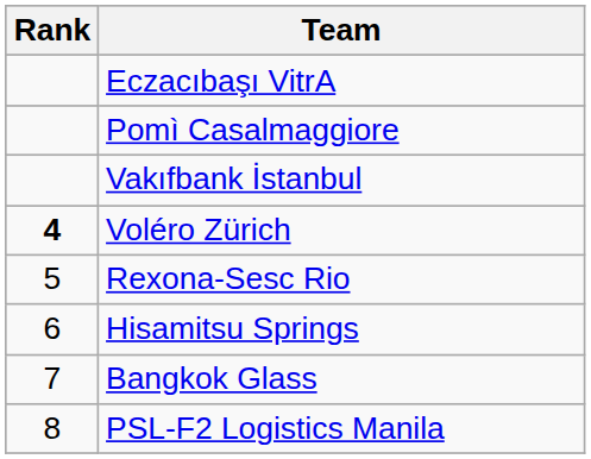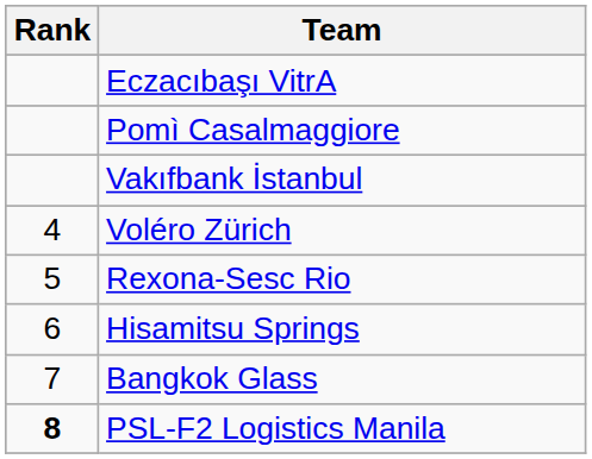 <table class="wikitable" style="text-align: center;">
 <tr>
 <th width=40>Rank</th>
 <th width=240>Team</th>
 </tr>
 <tr>
 <td></td>
 <td align=left> <a href='#'>Eczacıbaşı VitrA</a></td>
 </tr>
 <tr>
 <td></td>
 <td align=left> <a href='#'>Pomì Casalmaggiore</a></td>
 </tr>
 <tr>
 <td></td>
 <td align=left> <a href='#'>Vakıfbank İstanbul</a></td>
 </tr>
 <tr>
-<td><strong>4</strong></td>
+<td>4</td>
 <td align=left> <a href='#'>Voléro Zürich</a></td>
 </tr>
 <tr>
 <td>5</td>
 <td align=left> <a href='#'>Rexona-Sesc Rio</a></td>
 </tr>
 <tr>
 <td>6</td>
 <td align=left> <a href='#'>Hisamitsu Springs</a></td>
 </tr>
 <tr>
 <td>7</td>
 <td align=left> <a href='#'>Bangkok Glass</a></td>
 </tr>
 <tr>
-<td>8</td>
+<td><strong>8</strong></td>
 <td align=left> <a href='#'>PSL-F2 Logistics Manila</a></td>
 </tr>
 </table>
